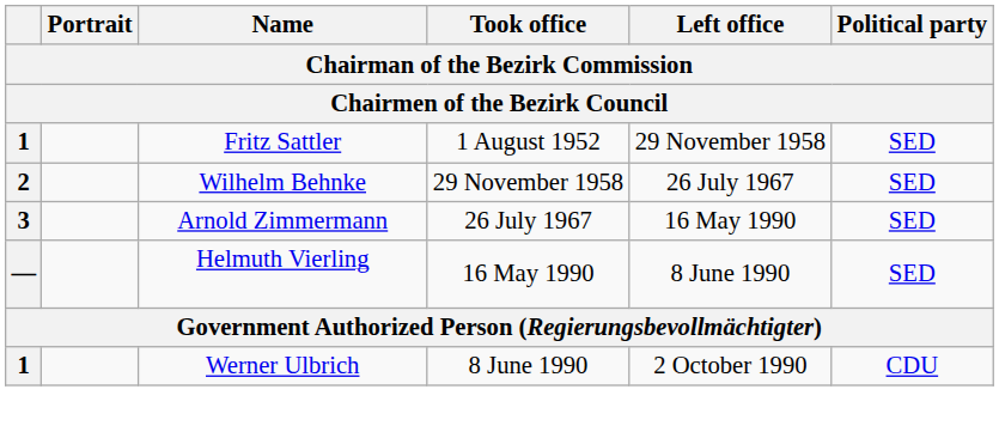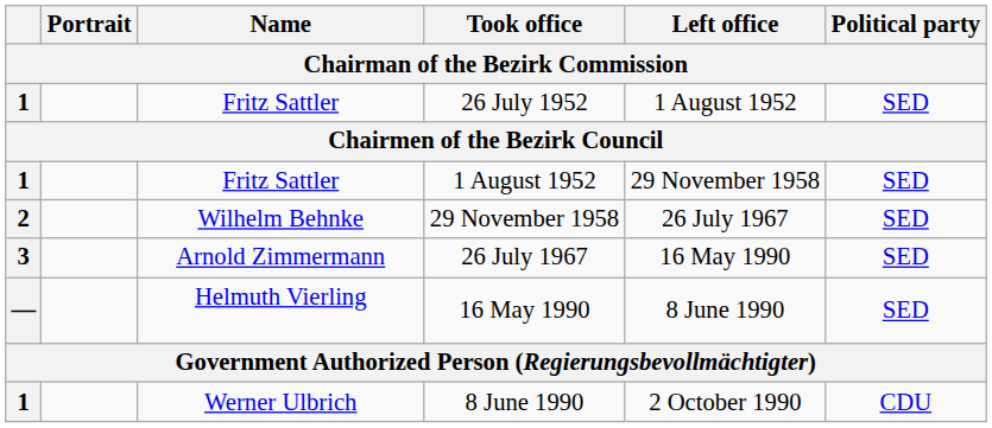 <table class="wikitable" style="text-align:center">
 <tr>
 <th></th>
 <th>Portrait</th>
 <th width=180>Name<br></th>
 <th>Took office</th>
 <th>Left office</th>
 <th>Political party</th>
 </tr>
 <tr>
 <th colspan=6>Chairman of the Bezirk Commission</th>
+</tr>
+<tr>
+<th style="background:">1</th>
+<td></td>
+<td><a href='#'>Fritz Sattler</a><br></td>
+<td>26 July 1952</td>
+<td>1 August 1952</td>
+<td><a href='#'>SED</a></td>
 </tr>
 <tr>
 <th colspan=6>Chairmen of the Bezirk Council</th>
 </tr>
 <tr>
 <th style="background:">1</th>
 <td></td>
 <td><a href='#'>Fritz Sattler</a><br></td>
 <td>1 August 1952</td>
 <td>29 November 1958</td>
 <td><a href='#'>SED</a></td>
 </tr>
 <tr>
 <th style="background:">2</th>
 <td></td>
 <td><a href='#'>Wilhelm Behnke</a><br></td>
 <td>29 November 1958</td>
 <td>26 July 1967</td>
 <td><a href='#'>SED</a></td>
 </tr>
 <tr>
 <th style="background:">3</th>
 <td></td>
 <td><a href='#'>Arnold Zimmermann</a><br></td>
 <td>26 July 1967</td>
 <td>16 May 1990</td>
 <td><a href='#'>SED</a></td>
 </tr>
 <tr>
 <th style="background:">—</th>
 <td></td>
 <td><a href='#'>Helmuth Vierling</a><br><br></td>
 <td>16 May 1990</td>
 <td>8 June 1990</td>
 <td><a href='#'>SED</a></td>
 </tr>
 <tr>
 <th colspan=6>Government Authorized Person (<em>Regierungsbevollmächtigter</em>)</th>
 </tr>
 <tr>
 <th style="background:">1</th>
 <td></td>
 <td><a href='#'>Werner Ulbrich</a><br></td>
 <td>8 June 1990</td>
 <td>2 October 1990</td>
 <td><a href='#'>CDU</a></td>
 </tr>
 </table>
